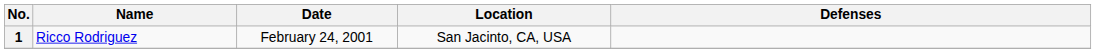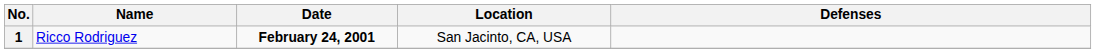 <table class="wikitable" width=100%>
 <tr>
 <th width=1%>No.</th>
 <th width=19%>Name</th>
 <th width=15%>Date</th>
 <th width=20%>Location</th>
 <th width=45%>Defenses</th>
 </tr>
 <tr>
 <th>1</th>
 <td align=left> <a href='#'>Ricco Rodriguez</a><br></td>
-<td align=center>February 24, 2001<br></td>
+<td align=center><strong>February 24, 2001<br></strong></td>
 <td align=center>San Jacinto, CA, USA</td>
 <td></td>
 </tr>
 <tr>
 </tr>
 </table>
